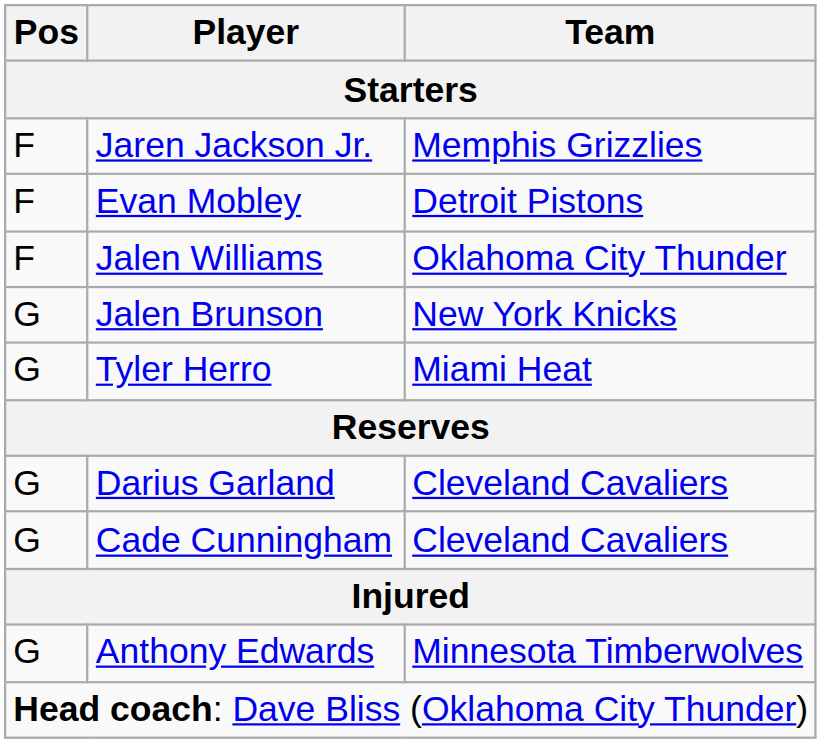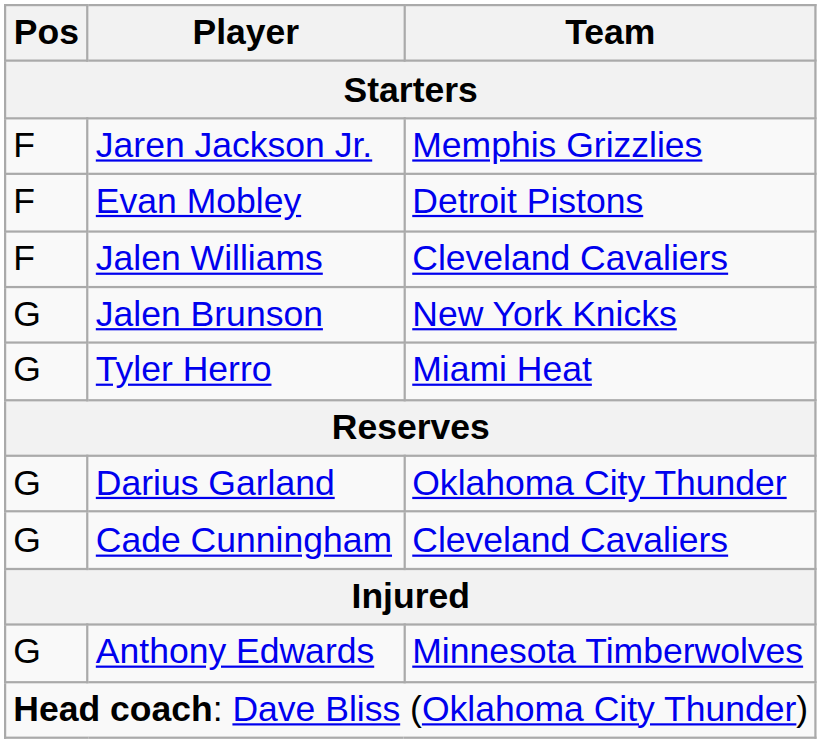 <table class="wikitable">
 <tr>
 <th>Pos</th>
 <th>Player</th>
 <th>Team</th>
 </tr>
 <tr>
 <th scope="col" colspan="4">Starters</th>
 </tr>
 <tr>
 <td>F</td>
 <td><a href='#'>Jaren Jackson Jr.</a></td>
 <td><a href='#'>Memphis Grizzlies</a></td>
 </tr>
 <tr>
 <td>F</td>
 <td><a href='#'>Evan Mobley</a></td>
 <td><a href='#'>Detroit Pistons</a></td>
 </tr>
 <tr>
 <td>F</td>
 <td><a href='#'>Jalen Williams</a></td>
-<td><a href='#'>Oklahoma City Thunder</a></td>
+<td><a href='#'>Cleveland Cavaliers</a></td>
 </tr>
 <tr>
 <td>G</td>
 <td><a href='#'>Jalen Brunson</a></td>
 <td><a href='#'>New York Knicks</a></td>
 </tr>
 <tr>
 <td>G</td>
 <td><a href='#'>Tyler Herro</a></td>
 <td><a href='#'>Miami Heat</a></td>
 </tr>
 <tr>
 <th scope="col" colspan="4">Reserves</th>
 </tr>
 <tr>
 <td>G</td>
 <td><a href='#'>Darius Garland</a></td>
-<td><a href='#'>Cleveland Cavaliers</a></td>
+<td><a href='#'>Oklahoma City Thunder</a></td>
 </tr>
 <tr>
 <td>G</td>
 <td><a href='#'>Cade Cunningham</a></td>
 <td><a href='#'>Cleveland Cavaliers</a></td>
 </tr>
 <tr>
 <th scope="col" colspan="4">Injured</th>
 </tr>
 <tr>
 <td>G</td>
 <td><a href='#'>Anthony Edwards</a></td>
 <td><a href='#'>Minnesota Timberwolves</a></td>
 </tr>
 <tr>
 <td colspan="3"><strong>Head coach</strong>: <a href='#'>Dave Bliss</a> (<a href='#'>Oklahoma City Thunder</a>)</td>
 </tr>
 </table>
